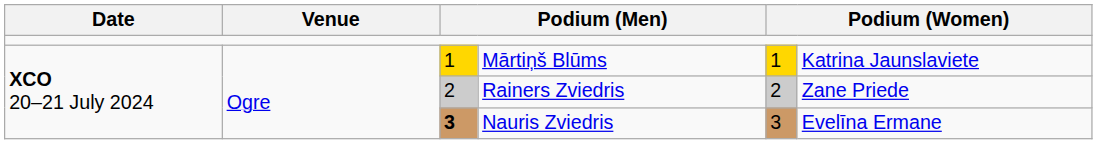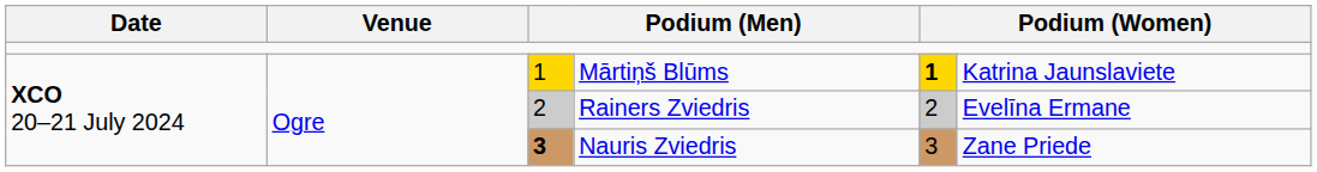 <table class="wikitable" width=70%>
 <tr>
 <th>Date</th>
 <th width=20%>Venue</th>
 <th colspan=2 width=30%>Podium (Men)</th>
 <th colspan=2 width=30%>Podium (Women)</th>
 </tr>
 <tr>
 <td colspan=6></td>
 </tr>
 <tr>
 <td rowspan=3><strong>XCO</strong> <br> 20–21 July 2024</td>
 <td rowspan=3><br><a href='#'>Ogre</a></td>
 <td bgcolor=FFD700>1</td>
 <td><a href='#'>Mārtiņš Blūms</a></td>
-<td bgcolor=FFD700>1</td>
+<td bgcolor=FFD700><strong>1</strong></td>
 <td><a href='#'>Katrina Jaunslaviete</a></td>
 </tr>
 <tr>
 <td bgcolor=CCCCCC>2</td>
 <td><a href='#'>Rainers Zviedris</a></td>
 <td bgcolor=CCCCCC>2</td>
-<td><a href='#'>Zane Priede</a></td>
+<td><a href='#'>Evelīna Ermane</a></td>
 </tr>
 <tr>
 <td bgcolor=CC9966><strong>3</strong></td>
 <td><a href='#'>Nauris Zviedris</a></td>
 <td bgcolor=CC9966>3</td>
-<td><a href='#'>Evelīna Ermane</a></td>
+<td><a href='#'>Zane Priede</a></td>
 </tr>
 </table>
